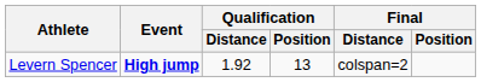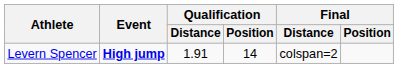 <table class=wikitable style=font-size:90%>
 <tr>
 <th rowspan=2>Athlete</th>
 <th rowspan=2>Event</th>
 <th colspan=2>Qualification</th>
 <th colspan=2>Final</th>
 </tr>
 <tr style=font-size:95%>
 <th>Distance</th>
 <th>Position</th>
 <th>Distance</th>
 <th>Position</th>
 </tr>
 <tr align=center>
 <td align=left><a href='#'>Levern Spencer</a></td>
 <td align=left><strong><a href='#'>High jump</a></strong></td>
-<td>1.92</td>
-<td>13</td>
+<td>1.91</td>
+<td>14</td>
 <td>colspan=2 </td>
 </tr>
 </table>
